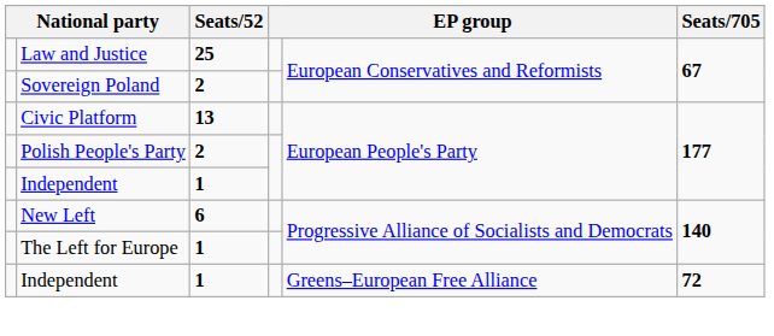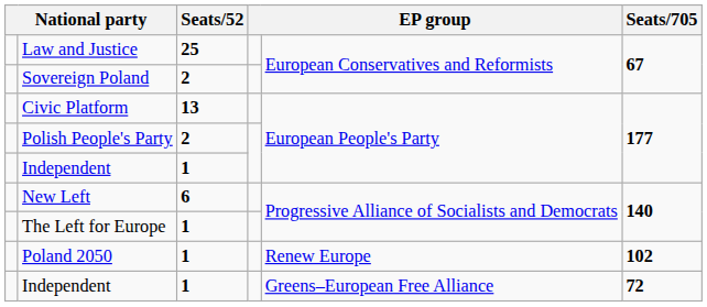 <table class="wikitable" style="font-size:90%;">
 <tr>
 <th colspan="2">National party</th>
 <th>Seats/52</th>
 <th colspan="2">EP group</th>
 <th>Seats/705</th>
 </tr>
 <tr>
 <td width="1" style="background-color: "></td>
 <td><a href='#'>Law and Justice</a></td>
 <td><strong>25</strong></td>
 <td width="1"> </td>
 <td rowspan="2"><a href='#'>European Conservatives and Reformists</a></td>
 <td rowspan="2"><strong>67</strong></td>
 </tr>
 <tr>
 <td width="1" style="background-color: "></td>
 <td><a href='#'>Sovereign Poland</a></td>
 <td><strong>2</strong></td>
 </tr>
 <tr>
 <td width="1" style="background-color: "></td>
 <td><a href='#'>Civic Platform</a></td>
 <td><strong>13</strong></td>
 <td width="1"> </td>
 <td rowspan="3"><a href='#'>European People's Party</a></td>
 <td rowspan="3"><strong>177</strong></td>
 </tr>
 <tr>
 <td width="1" style="background-color: "></td>
 <td><a href='#'>Polish People's Party</a></td>
 <td><strong>2</strong></td>
 </tr>
 <tr>
 <td width="1" style="background-color: "></td>
 <td><a href='#'>Independent</a></td>
 <td><strong>1</strong></td>
 </tr>
 <tr>
 <td width="1" style="background-color: "></td>
 <td><a href='#'>New Left</a></td>
 <td><strong>6</strong></td>
 <td width="1"> </td>
 <td rowspan="2"><a href='#'>Progressive Alliance of Socialists and Democrats</a></td>
 <td rowspan="2"><strong>140</strong></td>
 </tr>
 <tr>
 <td style="width:1px; background:"></td>
 <td>The Left for Europe</td>
 <td><strong>1</strong></td>
 </tr>
 <tr>
+<td width="1"> </td>
+<td><a href='#'>Poland 2050</a></td>
+<td><strong>1</strong></td>
+<td width="1"> </td>
+<td><a href='#'>Renew Europe</a></td>
+<td><strong>102</strong></td>
+</tr>
+<tr>
 <td width="1" style="background-color: "></td>
 <td>Independent</td>
 <td><strong>1</strong></td>
 <td width="1"> </td>
 <td><a href='#'>Greens–European Free Alliance</a></td>
 <td><strong>72</strong></td>
 </tr>
 </table>
